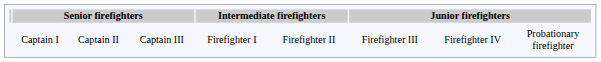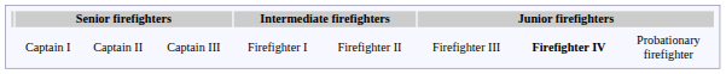 <table style="border:1px solid #8888aa; background-color:#f7f8ff; padding:5px; font-size:95%; margin: 0px 12px 12px 0px; width: 100%;">
 <tr style="background-color:#CCCCCC; width: 100%">
 <th></th>
 <th colspan=3>Senior firefighters</th>
 <th colspan=2>Intermediate firefighters</th>
 <th colspan=3>Junior firefighters</th>
 </tr>
 <tr style="text-align:center;">
 <td rowspan="2"></td>
 <td></td>
 <td></td>
 <td></td>
 <td></td>
 <td></td>
 <td></td>
 <td></td>
 <td></td>
 </tr>
 <tr style="text-align:center;">
 <td>Captain I</td>
 <td>Captain II</td>
 <td>Captain III</td>
 <td>Firefighter I</td>
 <td>Firefighter II</td>
 <td>Firefighter III</td>
-<td>Firefighter IV</td>
+<td><strong>Firefighter IV</strong></td>
 <td>Probationary<br> firefighter</td>
 </tr>
 </table>
